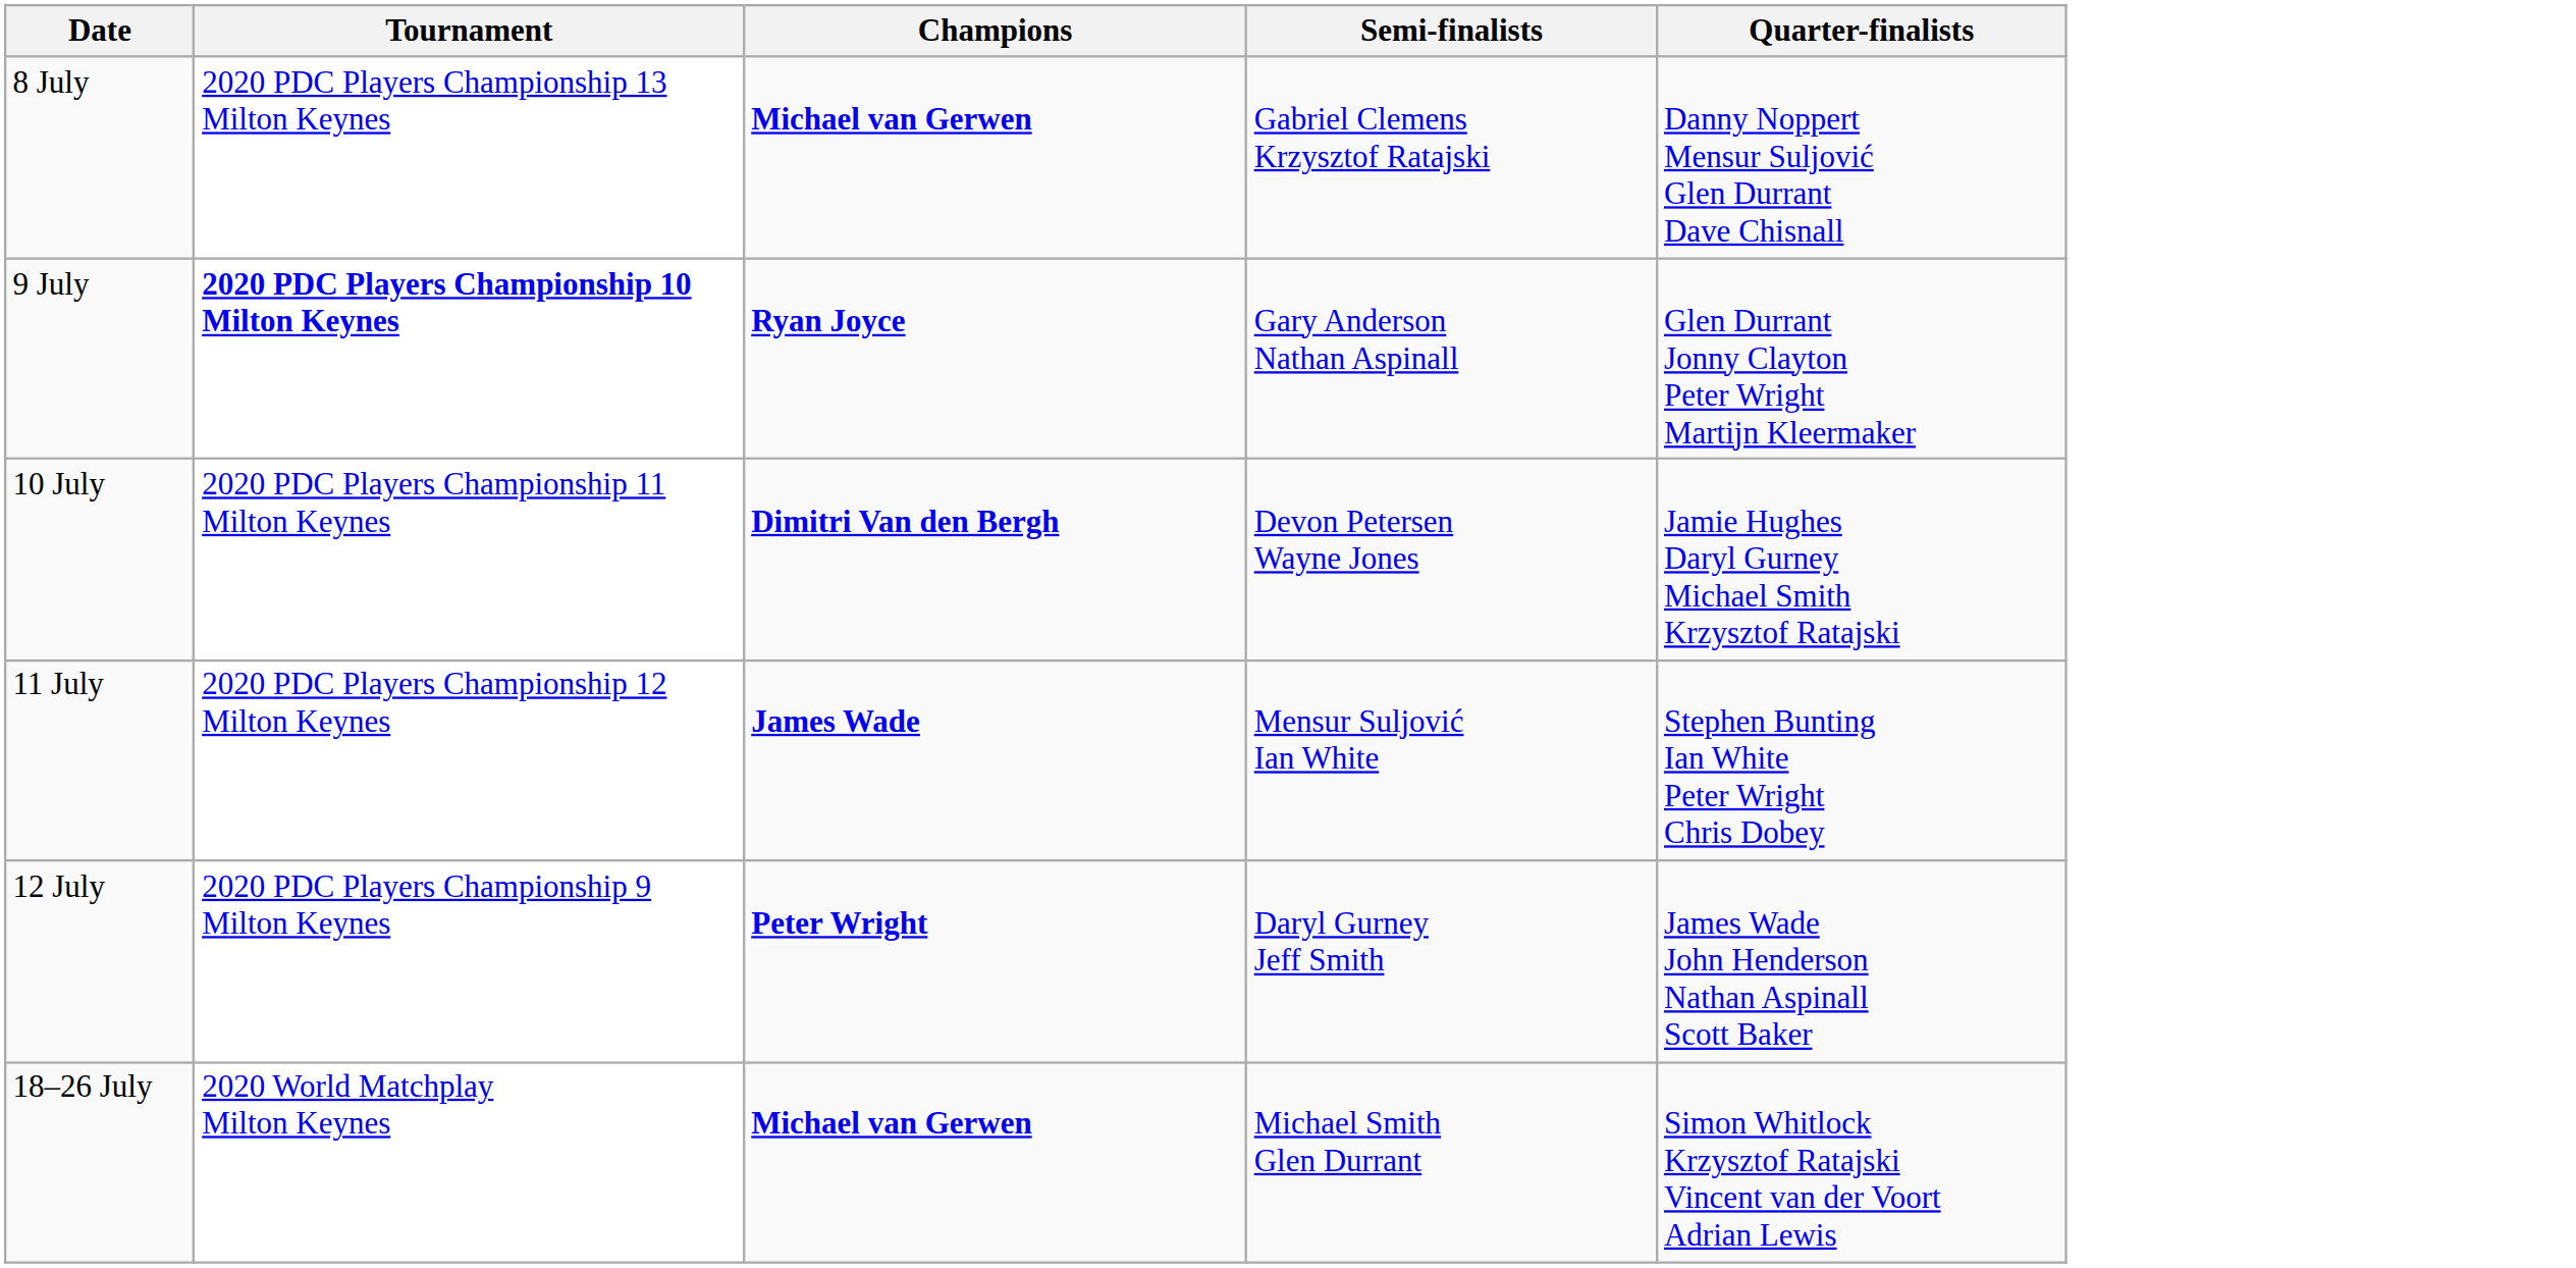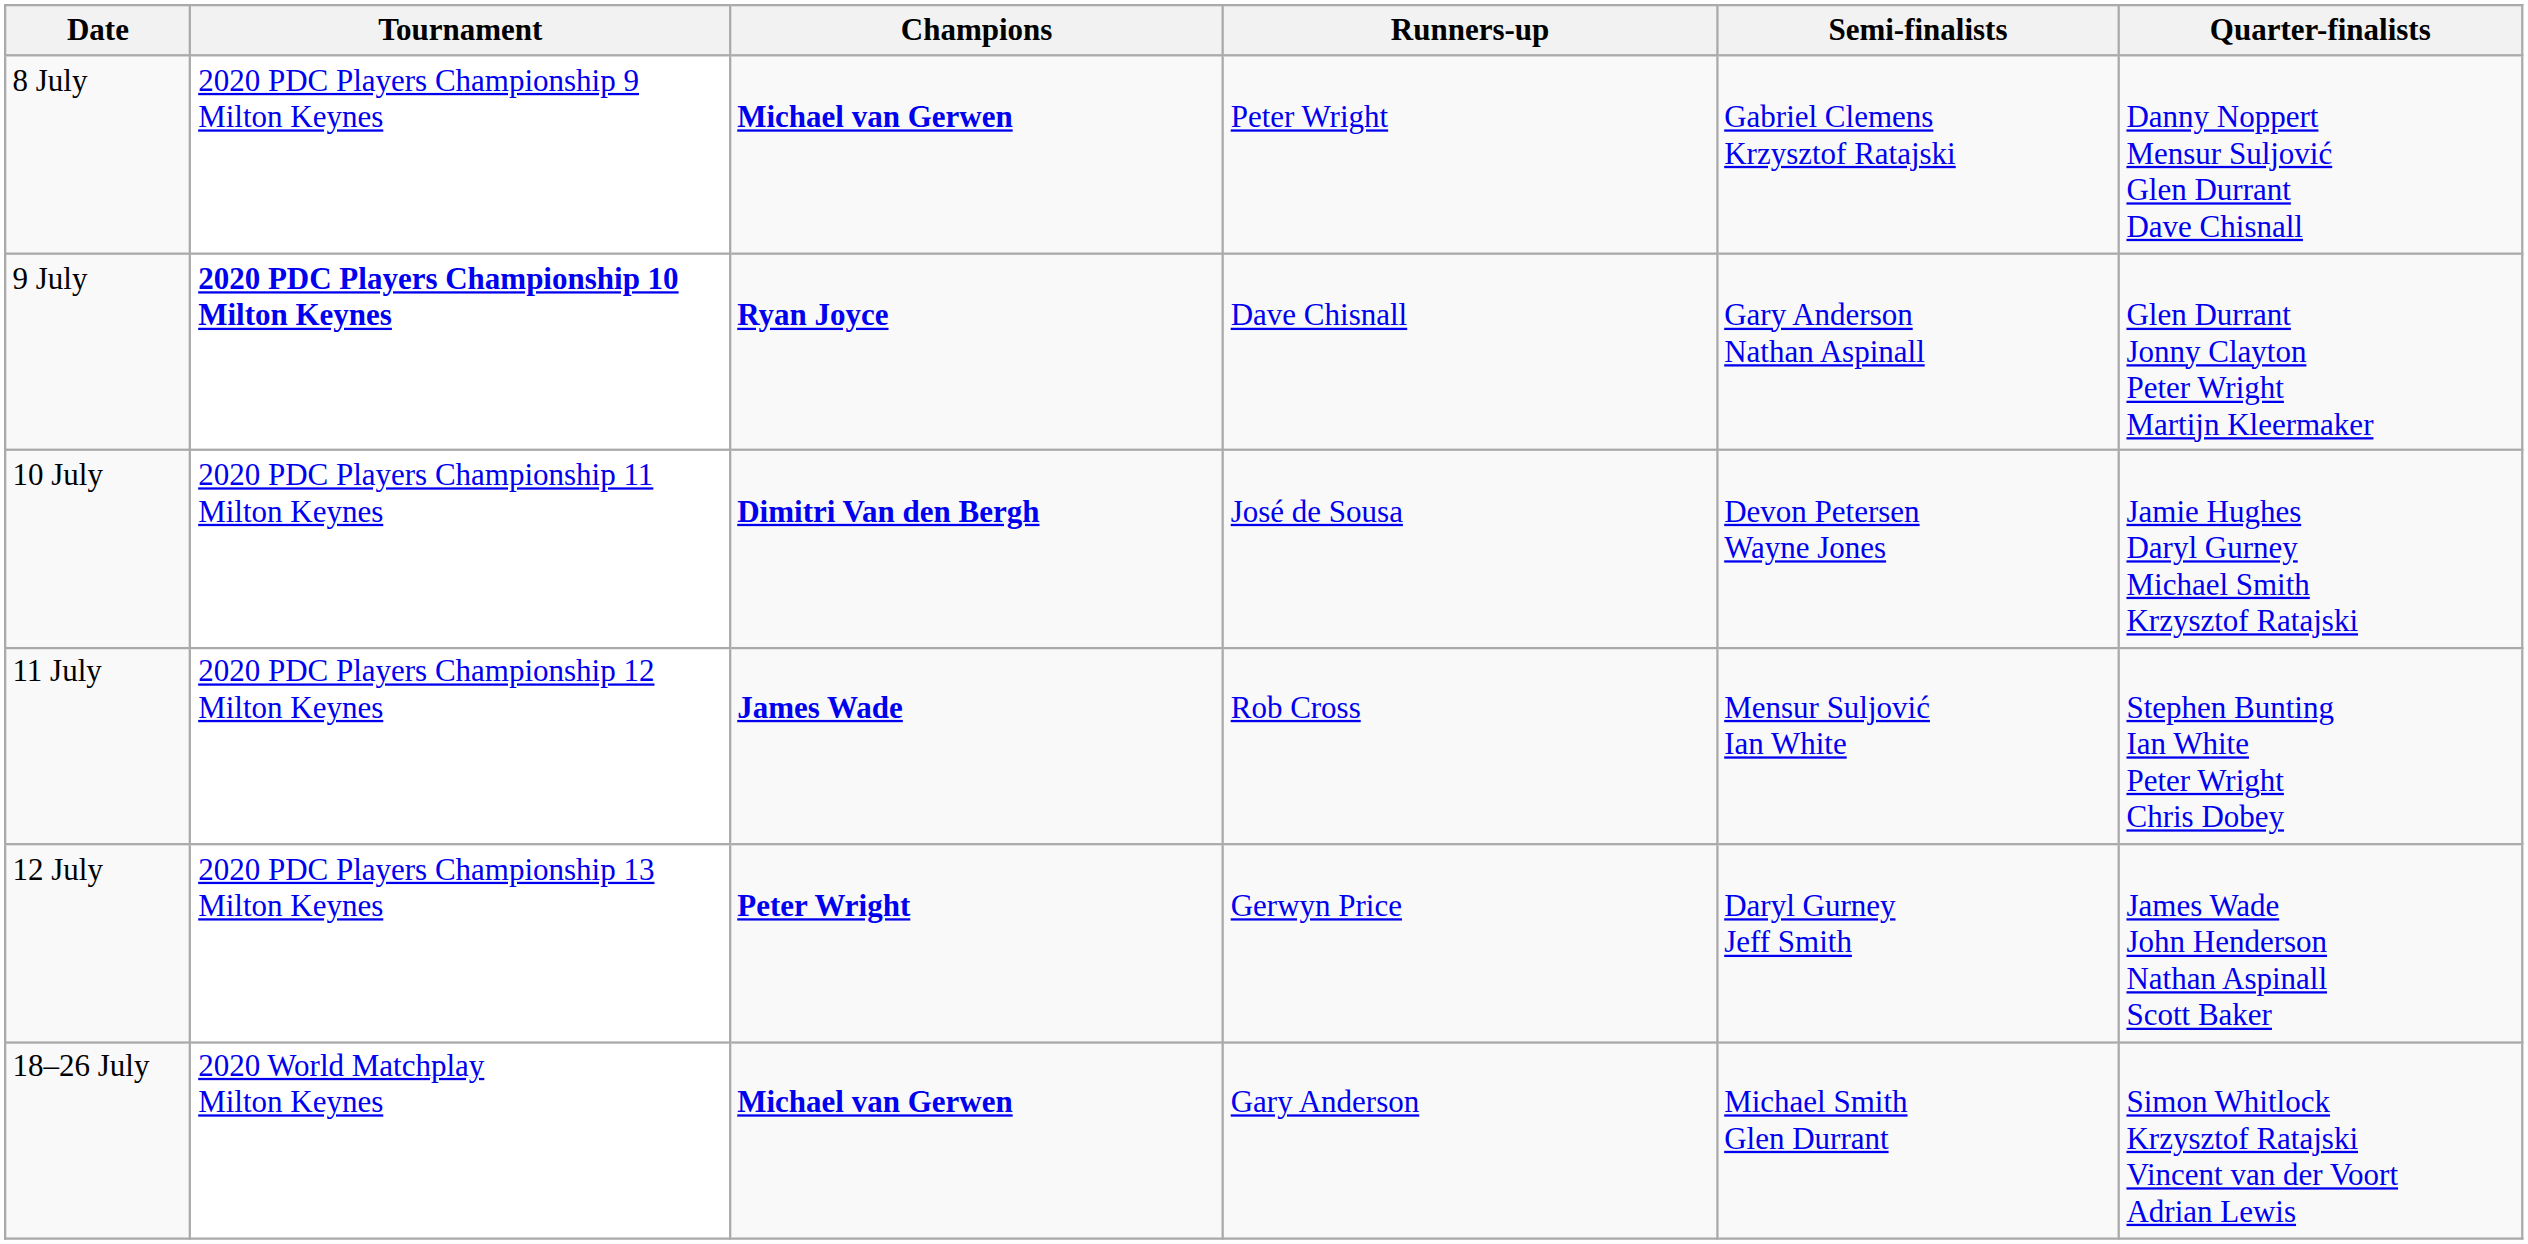 <table class=wikitable style=font-size:85%>
 <tr>
 <th width=75>Date</th>
 <th width=230>Tournament</th>
 <th width=210>Champions</th>
+<th width=210>Runners-up</th>
 <th width=170>Semi-finalists</th>
 <th width=170>Quarter-finalists</th>
 </tr>
 <tr valign="top">
 <td>8 July</td>
-<td bgcolor="#ffffff"><a href='#'>2020 PDC Players Championship 13</a><br> <a href='#'>Milton Keynes</a></td>
+<td bgcolor="#ffffff"><a href='#'>2020 PDC Players Championship 9</a><br> <a href='#'>Milton Keynes</a></td>
 <td><br> <strong><a href='#'>Michael van Gerwen</a></strong></td>
+<td><br> <a href='#'>Peter Wright</a></td>
 <td><br> <a href='#'>Gabriel Clemens</a> <br>  <a href='#'>Krzysztof Ratajski</a> <br></td>
 <td><br> <a href='#'>Danny Noppert</a> <br>  <a href='#'>Mensur Suljović</a> <br>  <a href='#'>Glen Durrant</a> <br>  <a href='#'>Dave Chisnall</a></td>
 </tr>
 <tr valign="top">
 <td>9 July</td>
 <td bgcolor="#ffffff"><strong><a href='#'>2020 PDC Players Championship 10</a><br> <a href='#'>Milton Keynes</a></strong></td>
 <td><br> <strong><a href='#'>Ryan Joyce</a></strong></td>
+<td><br> <a href='#'>Dave Chisnall</a></td>
 <td><br> <a href='#'>Gary Anderson</a> <br>  <a href='#'>Nathan Aspinall</a> <br></td>
 <td><br> <a href='#'>Glen Durrant</a> <br>  <a href='#'>Jonny Clayton</a> <br>  <a href='#'>Peter Wright</a> <br>  <a href='#'>Martijn Kleermaker</a></td>
 </tr>
 <tr valign="top">
 <td>10 July</td>
 <td bgcolor="#ffffff"><a href='#'>2020 PDC Players Championship 11</a><br> <a href='#'>Milton Keynes</a></td>
 <td><br> <strong><a href='#'>Dimitri Van den Bergh</a></strong></td>
+<td><br> <a href='#'>José de Sousa</a></td>
 <td><br> <a href='#'>Devon Petersen</a> <br>  <a href='#'>Wayne Jones</a> <br></td>
 <td><br> <a href='#'>Jamie Hughes</a> <br>  <a href='#'>Daryl Gurney</a> <br>  <a href='#'>Michael Smith</a> <br>  <a href='#'>Krzysztof Ratajski</a></td>
 </tr>
 <tr valign="top">
 <td>11 July</td>
 <td bgcolor="#ffffff"><a href='#'>2020 PDC Players Championship 12</a><br> <a href='#'>Milton Keynes</a></td>
 <td><br> <strong><a href='#'>James Wade</a></strong></td>
+<td><br> <a href='#'>Rob Cross</a></td>
 <td><br> <a href='#'>Mensur Suljović</a> <br>  <a href='#'>Ian White</a> <br></td>
 <td><br> <a href='#'>Stephen Bunting</a> <br>  <a href='#'>Ian White</a> <br>  <a href='#'>Peter Wright</a> <br>  <a href='#'>Chris Dobey</a></td>
 </tr>
 <tr valign="top">
 <td>12 July</td>
-<td bgcolor="#ffffff"><a href='#'>2020 PDC Players Championship 9</a><br> <a href='#'>Milton Keynes</a></td>
+<td bgcolor="#ffffff"><a href='#'>2020 PDC Players Championship 13</a><br> <a href='#'>Milton Keynes</a></td>
 <td><br> <strong><a href='#'>Peter Wright</a></strong></td>
+<td><br> <a href='#'>Gerwyn Price</a></td>
 <td><br> <a href='#'>Daryl Gurney</a> <br>  <a href='#'>Jeff Smith</a> <br></td>
 <td><br> <a href='#'>James Wade</a> <br>  <a href='#'>John Henderson</a> <br>  <a href='#'>Nathan Aspinall</a> <br>  <a href='#'>Scott Baker</a></td>
 </tr>
 <tr valign="top">
 <td>18–26 July</td>
 <td bgcolor="#ffffff"><a href='#'>2020 World Matchplay</a><br> <a href='#'>Milton Keynes</a></td>
 <td><br> <strong><a href='#'>Michael van Gerwen</a></strong></td>
+<td><br> <a href='#'>Gary Anderson</a></td>
 <td><br> <a href='#'>Michael Smith</a> <br>  <a href='#'>Glen Durrant</a> <br></td>
 <td><br> <a href='#'>Simon Whitlock</a> <br>  <a href='#'>Krzysztof Ratajski</a> <br>  <a href='#'>Vincent van der Voort</a> <br>  <a href='#'>Adrian Lewis</a></td>
 </tr>
 </table>
